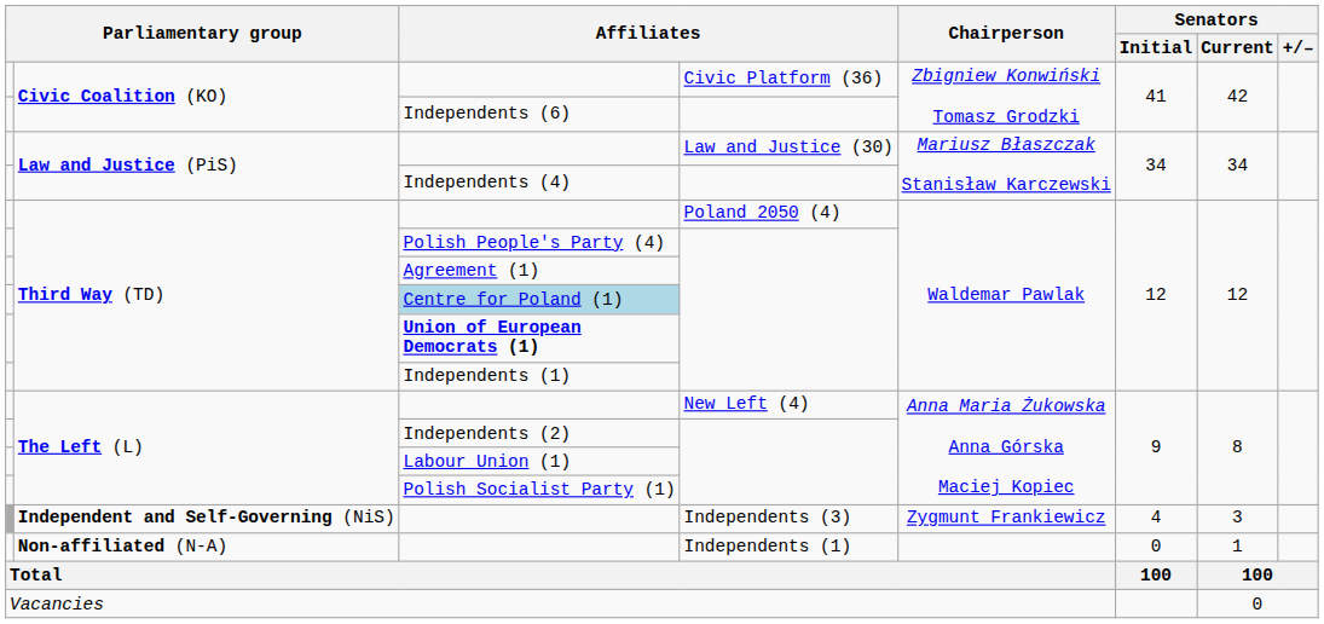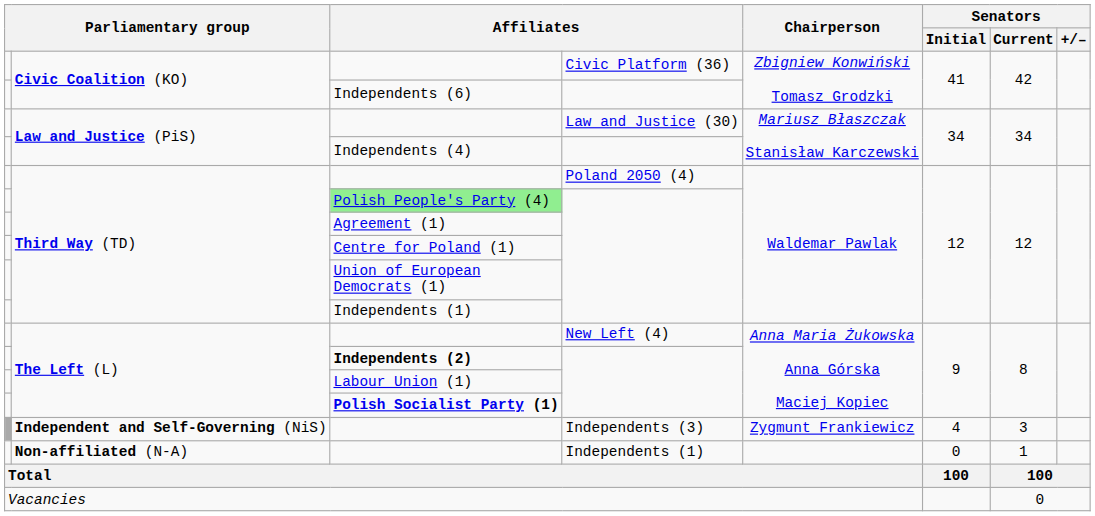 <table class="wikitable" style="text-align: center; width: px;">
 <tr>
 <th colspan="2" rowspan="2">Parliamentary group</th>
 <th colspan="2" rowspan="2">Affiliates</th>
 <th rowspan="2">Chairperson</th>
 <th colspan="3">Senators</th>
 </tr>
 <tr>
 <th>Initial</th>
 <th>Current</th>
 <th>+/–</th>
 </tr>
 <tr>
 <td></td>
 <td rowspan="2" style="text-align: left;"><strong><a href='#'>Civic Coalition</a></strong> (KO)<br></td>
 <td></td>
 <td style="text-align: left;"><a href='#'>Civic Platform</a> (36)</td>
 <td rowspan="2"><em><a href='#'>Zbigniew Konwiński</a></em><br><br><a href='#'>Tomasz Grodzki</a><br></td>
 <td rowspan="2">41</td>
 <td rowspan="2">42</td>
 <td rowspan="2"></td>
 </tr>
 <tr>
 <td></td>
 <td style="text-align: left;">Independents (6)</td>
 </tr>
 <tr>
 <td></td>
 <td rowspan="2" style="text-align: left;"><strong><a href='#'>Law and Justice</a></strong> (PiS)<br></td>
 <td></td>
 <td style="text-align: left;"><a href='#'>Law and Justice</a> (30)</td>
 <td rowspan="2"><em><a href='#'>Mariusz Błaszczak</a></em><br><br><a href='#'>Stanisław Karczewski</a><br></td>
 <td rowspan="2">34</td>
 <td rowspan="2">34</td>
 <td rowspan="2"></td>
 </tr>
 <tr>
 <td></td>
 <td style="text-align: left;">Independents (4)</td>
 </tr>
 <tr>
 <td></td>
 <td rowspan="6" style="text-align: left; "><strong><a href='#'>Third Way</a></strong> (TD)<br></td>
 <td></td>
 <td style="text-align: left;"><a href='#'>Poland 2050</a> (4)</td>
 <td rowspan="6"><a href='#'>Waldemar Pawlak</a></td>
 <td rowspan="6">12</td>
 <td rowspan="6">12</td>
 <td rowspan="6"></td>
 </tr>
 <tr>
 <td></td>
-<td style="text-align: left;"><a href='#'>Polish People's Party</a> (4)</td>
+<td style="background: lightgreen; text-align: left;"><a href='#'>Polish People's Party</a> (4)</td>
 </tr>
 <tr>
 <td></td>
 <td style="text-align: left;"><a href='#'>Agreement</a> (1)</td>
 </tr>
 <tr>
 <td></td>
-<td style="background: lightblue; text-align: left;"><a href='#'>Centre for Poland</a> (1)</td>
+<td style="text-align: left;"><a href='#'>Centre for Poland</a> (1)</td>
 </tr>
 <tr>
 <td></td>
-<td style="text-align: left;"><strong><a href='#'>Union of European<br>Democrats</a> (1)</strong></td>
+<td style="text-align: left;"><a href='#'>Union of European<br>Democrats</a> (1)</td>
 </tr>
 <tr>
 <td></td>
 <td style="text-align: left;">Independents (1)</td>
 </tr>
 <tr>
 <td></td>
 <td rowspan="4" style="text-align: left;"><strong><a href='#'>The Left</a></strong> (L)<br></td>
 <td></td>
 <td style="text-align: left;"><a href='#'>New Left</a> (4)</td>
 <td rowspan="4"><em><a href='#'>Anna Maria Żukowska</a></em><br><br><a href='#'>Anna Górska</a><br><br><a href='#'>Maciej Kopiec</a><br></td>
 <td rowspan="4">9</td>
 <td rowspan="4">8</td>
 <td rowspan="4"></td>
 </tr>
 <tr>
 <td></td>
-<td style="text-align: left;">Independents (2)</td>
+<td style="text-align: left;"><strong>Independents (2)</strong></td>
 </tr>
 <tr>
 <td></td>
 <td style="text-align: left;"><a href='#'>Labour Union</a> (1)</td>
 </tr>
 <tr>
 <td></td>
-<td style="text-align: left;"><a href='#'>Polish Socialist Party</a> (1)</td>
+<td style="text-align: left;"><strong><a href='#'>Polish Socialist Party</a> (1)</strong></td>
 </tr>
 <tr>
 <td style="background: darkgrey;"></td>
 <td style="text-align: left;"><strong>Independent and Self-Governing</strong> (NiS)<br></td>
 <td></td>
 <td style="text-align: left;">Independents (3)</td>
 <td><a href='#'>Zygmunt Frankiewicz</a></td>
 <td>4</td>
 <td>3</td>
 <td></td>
 </tr>
 <tr>
 <td></td>
 <td style="text-align: left;"><strong>Non-affiliated</strong> (N-A)</td>
 <td></td>
 <td style="text-align: left;">Independents (1)</td>
 <td></td>
 <td>0</td>
 <td>1</td>
 <td></td>
 </tr>
 <tr>
 <th colspan="5" style="text-align: left;">Total</th>
 <th>100</th>
 <th colspan="2">100</th>
 </tr>
 <tr>
 <td colspan="5" style="text-align: left;"><em>Vacancies</em></td>
 <td></td>
 <td colspan="2">0</td>
 </tr>
 </table>
